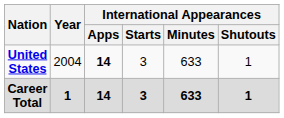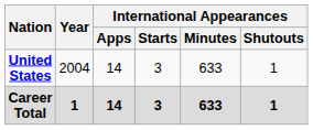 <table class="wikitable" style=font-size:90% text-align: center width=35%>
 <tr>
 <th rowspan=2 width=20%>Nation</th>
 <th rowspan=2 width=7%>Year</th>
 <th colspan=4 width=30%>International Appearances</th>
 </tr>
 <tr>
 <th align=center>Apps</th>
 <th align=center>Starts</th>
 <th align=center>Minutes</th>
 <th align=center>Shutouts</th>
 </tr>
 <tr>
 <td rowspan=1 align=center><strong><a href='#'>United States</a></strong></td>
 <td align=center>2004</td>
-<td align=center><strong>14</strong></td>
+<td align=center>14</td>
 <td align=center>3</td>
 <td align=center>633</td>
 <td align=center>1</td>
 </tr>
 <tr>
 <th style="background: #DCDCDC" align=center>Career Total</th>
 <th style="background: #DCDCDC" align=center>1</th>
 <th style="background: #DCDCDC" align=center>14</th>
 <th style="background: #DCDCDC" align=center>3</th>
 <th style="background: #DCDCDC" align=center>633</th>
 <th style="background: #DCDCDC" align=center>1</th>
 </tr>
 </table>
